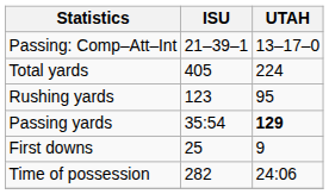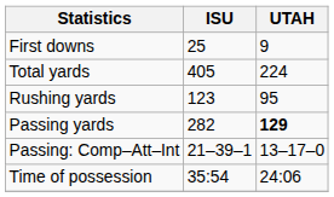 <table class="wikitable" style="float: left;">
 <tr>
 <th>Statistics</th>
 <th>ISU</th>
 <th>UTAH</th>
 </tr>
 <tr>
-<td>Passing: Comp–Att–Int</td>
-<td>21–39–1</td>
-<td>13–17–0</td>
+<td>First downs</td>
+<td>25</td>
+<td>9</td>
 </tr>
 <tr>
 <td>Total yards</td>
 <td>405</td>
 <td>224</td>
 </tr>
 <tr>
 <td>Rushing yards</td>
 <td>123</td>
 <td>95</td>
 </tr>
 <tr>
 <td>Passing yards</td>
-<td>35:54</td>
+<td>282</td>
 <td><strong>129</strong></td>
 </tr>
 <tr>
-<td>First downs</td>
-<td>25</td>
-<td>9</td>
+<td>Passing: Comp–Att–Int</td>
+<td>21–39–1</td>
+<td>13–17–0</td>
 </tr>
 <tr>
 <td>Time of possession</td>
-<td>282</td>
+<td>35:54</td>
 <td>24:06</td>
 </tr>
 <tr>
 </tr>
 </table>
